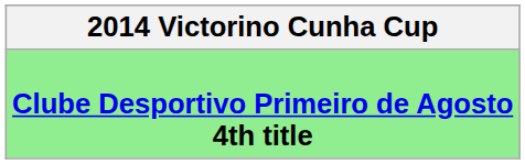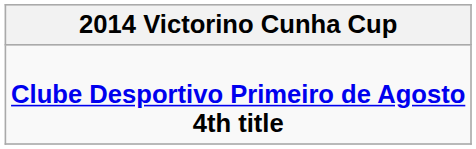 <table class=wikitable style="text-align:center; margin:auto">
 <tr>
 <th>2014 Victorino Cunha Cup</th>
 </tr>
 <tr>
-<td style="background: lightgreen;"><br><strong><a href='#'>Clube Desportivo Primeiro de Agosto</a></strong><br><strong>4th title</strong></td>
+<td><br><strong><a href='#'>Clube Desportivo Primeiro de Agosto</a></strong><br><strong>4th title</strong></td>
 </tr>
 </table>
